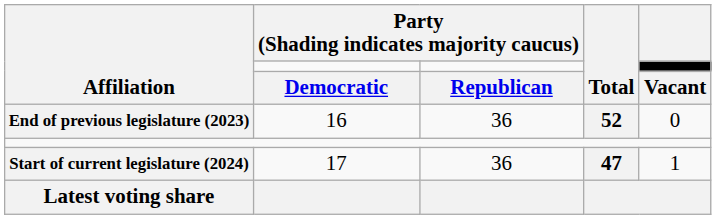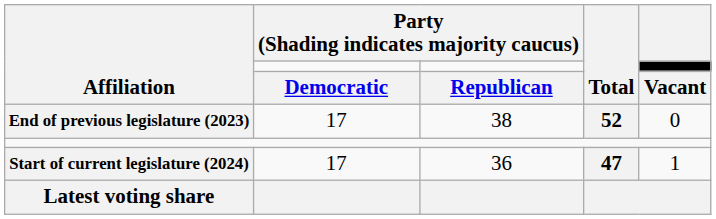 <table class=wikitable style="text-align:center">
 <tr style="vertical-align:bottom;">
 <th rowspan=3>Affiliation</th>
 <th colspan=2>Party <div>(Shading indicates majority caucus)</div></th>
 <th rowspan=3>Total</th>
 <th></th>
 </tr>
 <tr style="height:5px">
 <td style="background-color:"></td>
 <td style="background-color:"></td>
 <td style="background: black"></td>
 </tr>
 <tr>
 <th><a href='#'>Democratic</a></th>
 <th><a href='#'>Republican</a></th>
 <th>Vacant</th>
 </tr>
 <tr>
 <th nowrap style="font-size:80%">End of previous legislature (2023)</th>
-<td>16</td>
-<td>36</td>
+<td>17</td>
+<td>38</td>
 <th>52</th>
 <td>0</td>
 </tr>
 <tr>
 <td colspan=5></td>
 </tr>
 <tr>
 <th nowrap style="font-size:80%">Start of current legislature (2024)</th>
 <td>17</td>
 <td>36</td>
 <th>47</th>
 <td>1</td>
 </tr>
 <tr>
 <th>Latest voting share</th>
 <th></th>
 <th></th>
 <th colspan=2></th>
 </tr>
 </table>
